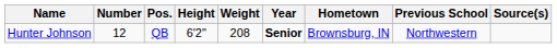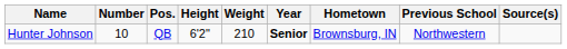 <table class="wikitable sortable" border="1" style="text-align: center;">
 <tr align=center>
 <th>Name</th>
 <th>Number</th>
 <th>Pos.</th>
 <th>Height</th>
 <th>Weight</th>
 <th>Year</th>
 <th>Hometown</th>
 <th>Previous School</th>
 <th>Source(s)</th>
 </tr>
 <tr>
 <td><a href='#'>Hunter Johnson</a></td>
-<td>12</td>
+<td>10</td>
 <td><a href='#'>QB</a></td>
 <td>6'2"</td>
-<td>208</td>
+<td>210</td>
 <td><strong> Senior</strong></td>
 <td><a href='#'>Brownsburg, IN</a></td>
 <td><a href='#'>Northwestern</a></td>
 <td></td>
 </tr>
 </table>
